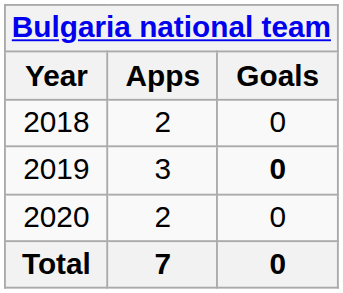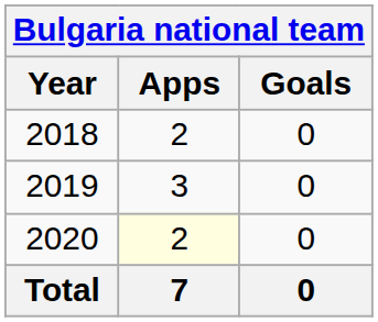 <table class="wikitable" style="text-align:center">
 <tr>
 <th colspan=3><a href='#'>Bulgaria national team</a></th>
 </tr>
 <tr>
 <th>Year</th>
 <th>Apps</th>
 <th>Goals</th>
 </tr>
 <tr>
 <td>2018</td>
 <td>2</td>
 <td>0</td>
 </tr>
 <tr>
 <td>2019</td>
 <td>3</td>
-<td><strong>0</strong></td>
+<td>0</td>
 </tr>
 <tr>
 <td>2020</td>
-<td>2</td>
+<td style="background: lightyellow;">2</td>
 <td>0</td>
 </tr>
 <tr>
 <th>Total</th>
 <th>7</th>
 <th>0</th>
 </tr>
 </table>
